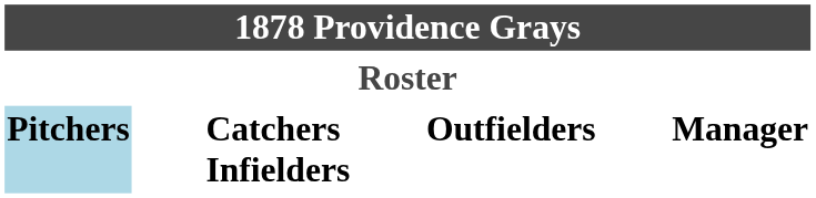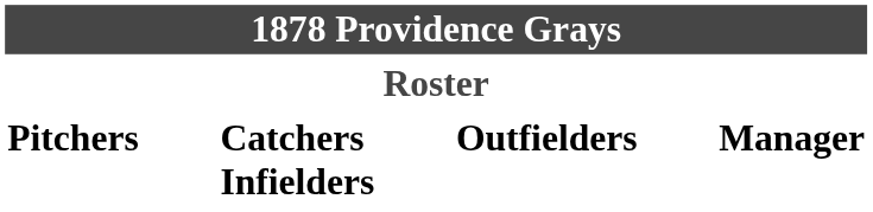 <table class="toccolours" style="font-size: 95%;">
 <tr>
 <th colspan="10" style="background-color: #464646; color: white; text-align: center;">1878 Providence Grays</th>
 </tr>
 <tr>
 <td colspan="10" style="background-color: white; color: #464646; text-align: center;"><strong>Roster</strong></td>
 </tr>
 <tr>
-<td valign="top" style="background: lightblue;"><strong>Pitchers</strong><br>     </td>
+<td valign="top"><strong>Pitchers</strong><br>     </td>
 <td width="25px"></td>
 <td valign="top"><strong>Catchers</strong><br>  <strong>Infielders</strong>     </td>
 <td width="25px"></td>
 <td valign="top"><strong>Outfielders</strong><br>  </td>
 <td width="25px"></td>
 <td valign="top"><strong>Manager</strong><br></td>
 </tr>
 </table>
